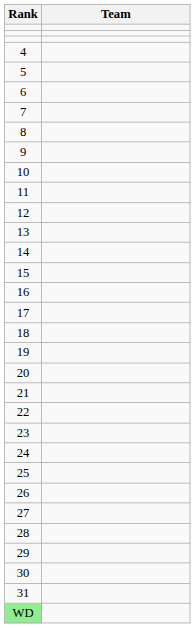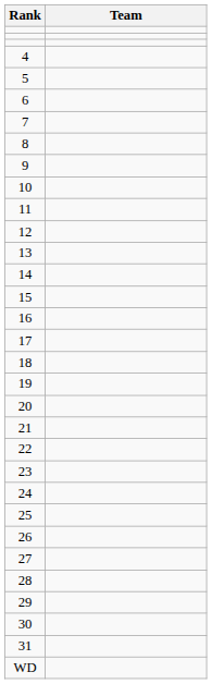 <table class="wikitable" style="text-align: center;">
 <tr>
 <th width=40>Rank</th>
 <th width=180>Team</th>
 </tr>
 <tr>
 <td></td>
 <td align=left></td>
 </tr>
 <tr>
 <td></td>
 <td align=left></td>
 </tr>
 <tr>
 <td></td>
 <td align=left></td>
 </tr>
 <tr>
 <td>4</td>
 <td align=left></td>
 </tr>
 <tr>
 <td>5</td>
 <td align=left></td>
 </tr>
 <tr>
 <td>6</td>
 <td align=left></td>
 </tr>
 <tr>
 <td>7</td>
 <td align=left></td>
 </tr>
 <tr>
 <td>8</td>
 <td align=left></td>
 </tr>
 <tr>
 <td>9</td>
 <td align=left></td>
 </tr>
 <tr>
 <td>10</td>
 <td align=left></td>
 </tr>
 <tr>
 <td>11</td>
 <td align=left></td>
 </tr>
 <tr>
 <td>12</td>
 <td align=left></td>
 </tr>
 <tr>
 <td>13</td>
 <td align=left></td>
 </tr>
 <tr>
 <td>14</td>
 <td align=left></td>
 </tr>
 <tr>
 <td>15</td>
 <td align=left></td>
 </tr>
 <tr>
 <td>16</td>
 <td align=left></td>
 </tr>
 <tr>
 <td>17</td>
 <td align=left></td>
 </tr>
 <tr>
 <td>18</td>
 <td align=left></td>
 </tr>
 <tr>
 <td>19</td>
 <td align=left></td>
 </tr>
 <tr>
 <td>20</td>
 <td align=left></td>
 </tr>
 <tr>
 <td>21</td>
 <td align=left></td>
 </tr>
 <tr>
 <td>22</td>
 <td align=left></td>
 </tr>
 <tr>
 <td>23</td>
 <td align=left></td>
 </tr>
 <tr>
 <td>24</td>
 <td align=left></td>
 </tr>
 <tr>
 <td>25</td>
 <td align=left></td>
 </tr>
 <tr>
 <td>26</td>
 <td align=left></td>
 </tr>
 <tr>
 <td>27</td>
 <td align=left></td>
 </tr>
 <tr>
 <td>28</td>
 <td align=left></td>
 </tr>
 <tr>
 <td>29</td>
 <td align=left></td>
 </tr>
 <tr>
 <td>30</td>
 <td align=left></td>
 </tr>
 <tr>
 <td>31</td>
 <td align=left></td>
 </tr>
 <tr>
-<td style="background: lightgreen;">WD</td>
+<td>WD</td>
 <td align=left></td>
 </tr>
 </table>
